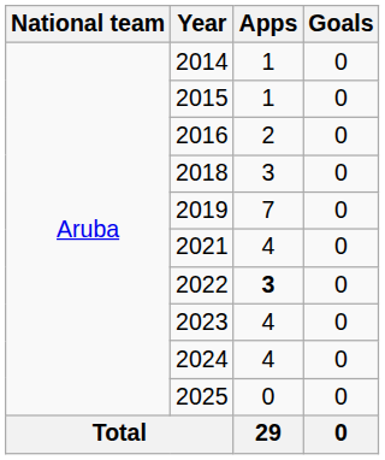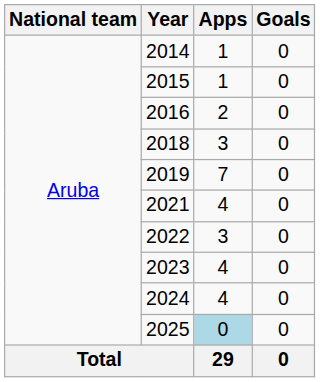 <table class="wikitable" style="text-align:center">
 <tr>
 <th>National team</th>
 <th>Year</th>
 <th>Apps</th>
 <th>Goals</th>
 </tr>
 <tr>
 <td rowspan="10"><a href='#'>Aruba</a></td>
 <td>2014</td>
 <td>1</td>
 <td>0</td>
 </tr>
 <tr>
 <td>2015</td>
 <td>1</td>
 <td>0</td>
 </tr>
 <tr>
 <td>2016</td>
 <td>2</td>
 <td>0</td>
 </tr>
 <tr>
 <td>2018</td>
 <td>3</td>
 <td>0</td>
 </tr>
 <tr>
 <td>2019</td>
 <td>7</td>
 <td>0</td>
 </tr>
 <tr>
 <td>2021</td>
 <td>4</td>
 <td>0</td>
 </tr>
 <tr>
 <td>2022</td>
-<td><strong>3</strong></td>
+<td>3</td>
 <td>0</td>
 </tr>
 <tr>
 <td>2023</td>
 <td>4</td>
 <td>0</td>
 </tr>
 <tr>
 <td>2024</td>
 <td>4</td>
 <td>0</td>
 </tr>
 <tr>
 <td>2025</td>
-<td>0</td>
+<td style="background: lightblue;">0</td>
 <td>0</td>
 </tr>
 <tr>
 <th colspan=2>Total</th>
 <th>29</th>
 <th>0</th>
 </tr>
 </table>
